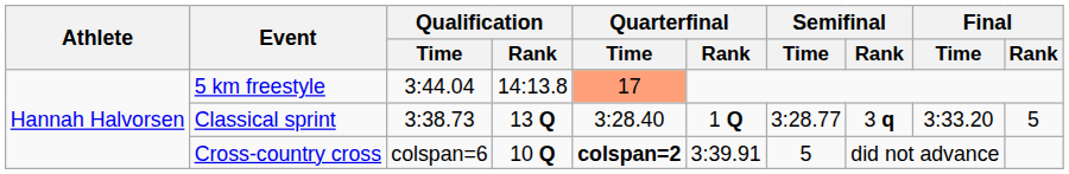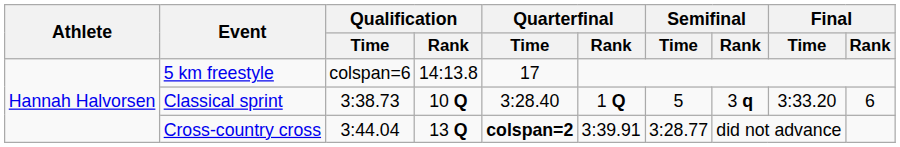 <table class="wikitable" style="font-size:90%">
 <tr>
 <th rowspan="2">Athlete</th>
 <th rowspan="2">Event</th>
 <th colspan="2">Qualification</th>
 <th colspan="2">Quarterfinal</th>
 <th colspan="2">Semifinal</th>
 <th colspan="2">Final</th>
 </tr>
 <tr style="font-size:95%">
 <th>Time</th>
 <th>Rank</th>
 <th>Time</th>
 <th>Rank</th>
 <th>Time</th>
 <th>Rank</th>
 <th>Time</th>
 <th>Rank</th>
 </tr>
 <tr align=center>
 <td align=left rowspan=3><a href='#'>Hannah Halvorsen</a></td>
 <td align=left><a href='#'>5 km freestyle</a></td>
-<td>3:44.04</td>
+<td>colspan=6 </td>
 <td>14:13.8</td>
-<td style="background: lightsalmon;">17</td>
+<td>17</td>
 </tr>
 <tr align=center>
 <td align=left><a href='#'>Classical sprint</a></td>
 <td>3:38.73</td>
-<td>13 <strong>Q</strong></td>
+<td>10 <strong>Q</strong></td>
 <td>3:28.40</td>
 <td>1 <strong>Q</strong></td>
-<td>3:28.77</td>
+<td>5</td>
 <td>3 <strong>q</strong></td>
 <td>3:33.20</td>
-<td>5</td>
+<td>6</td>
 </tr>
 <tr align=center>
 <td align=left><a href='#'>Cross-country cross</a></td>
-<td>colspan=6 </td>
-<td>10 <strong>Q</strong></td>
+<td>3:44.04</td>
+<td>13 <strong>Q</strong></td>
 <td><strong>colspan=2 </strong></td>
 <td>3:39.91</td>
-<td>5</td>
+<td>3:28.77</td>
 <td colspan=2>did not advance</td>
 </tr>
 </table>
